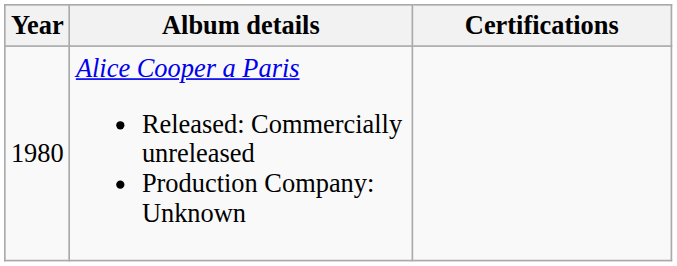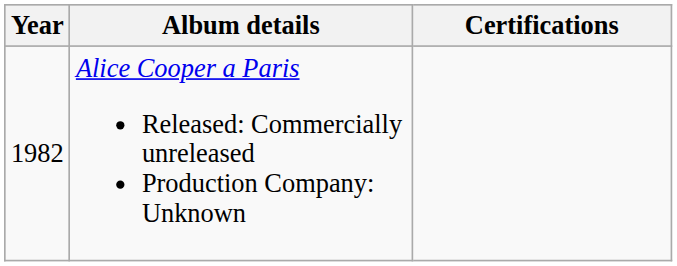 <table class="wikitable">
 <tr>
 <th>Year</th>
 <th style="width:200px;">Album details</th>
 <th style="width:150px;">Certifications</th>
 </tr>
 <tr>
-<td>1980</td>
+<td>1982</td>
 <td><em><a href='#'>Alice Cooper a Paris</a></em><br><ul><li>Released: Commercially unreleased</li><li>Production Company: Unknown</li></ul></td>
 <td></td>
 </tr>
 </table>
